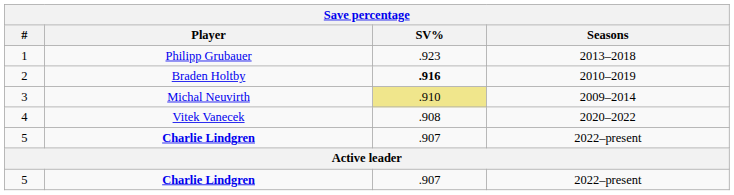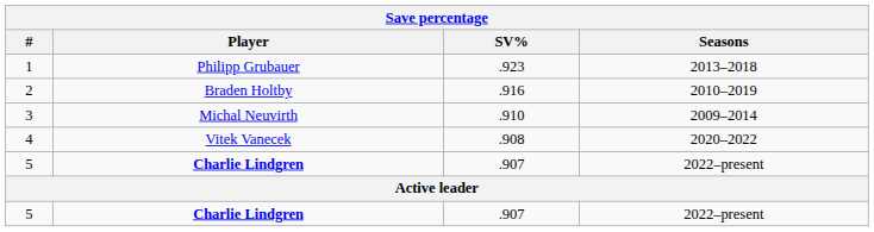 <table class="wikitable" style="text-align: center; font-size: 95%" width="70%">
 <tr>
 <th colspan="4"><a href='#'>Save percentage</a></th>
 </tr>
 <tr>
 <th>#</th>
 <th>Player</th>
 <th>SV%</th>
 <th>Seasons</th>
 </tr>
 <tr>
 <td>1</td>
 <td><a href='#'>Philipp Grubauer</a></td>
 <td>.923</td>
 <td>2013–2018</td>
 </tr>
 <tr>
 <td>2</td>
 <td><a href='#'>Braden Holtby</a></td>
-<td><strong>.916</strong></td>
+<td>.916</td>
 <td>2010–2019</td>
 </tr>
 <tr>
 <td>3</td>
 <td><a href='#'>Michal Neuvirth</a></td>
-<td style="background: khaki;">.910</td>
+<td>.910</td>
 <td>2009–2014</td>
 </tr>
 <tr>
 <td>4</td>
 <td><a href='#'>Vitek Vanecek</a></td>
 <td>.908</td>
 <td>2020–2022</td>
 </tr>
 <tr>
 <td>5</td>
 <td><strong><a href='#'>Charlie Lindgren</a></strong></td>
 <td>.907</td>
 <td>2022–present</td>
 </tr>
 <tr>
 <th colspan="4">Active leader</th>
 </tr>
 <tr>
 <td>5</td>
 <td><strong><a href='#'>Charlie Lindgren</a></strong></td>
 <td>.907</td>
 <td>2022–present</td>
 </tr>
 </table>
